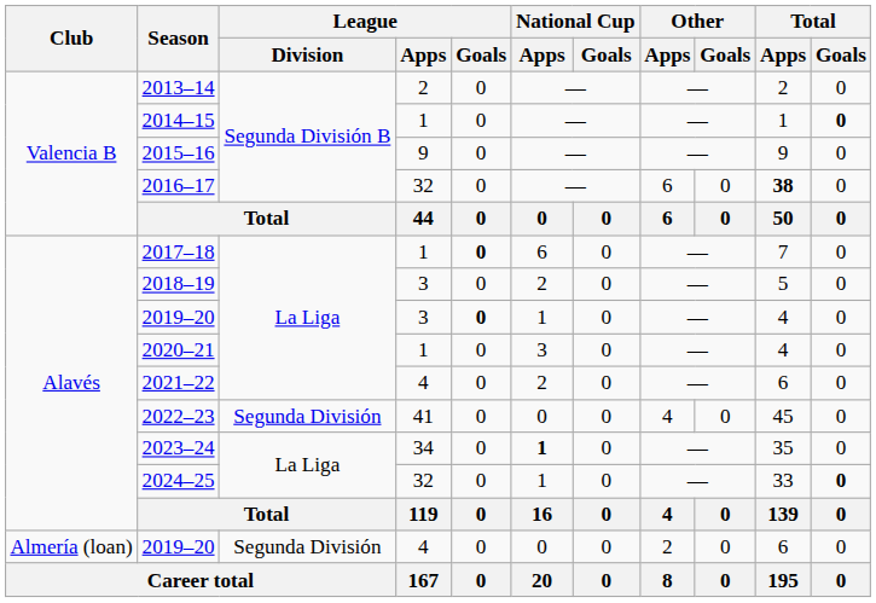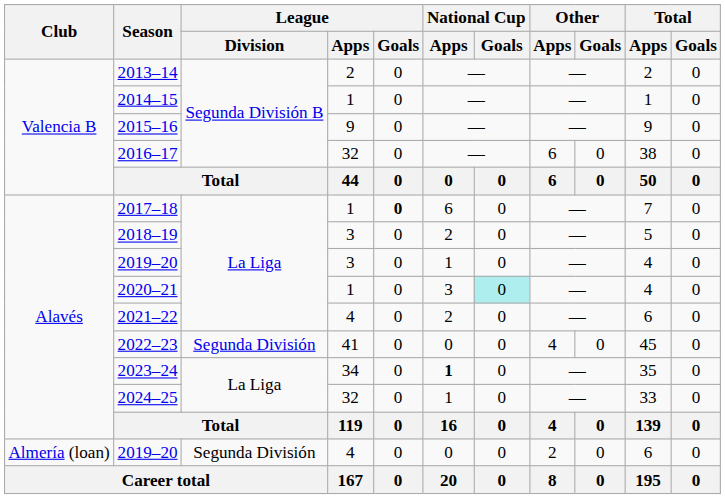 <table class="wikitable" style="text-align:center">
 <tr>
 <th rowspan="2">Club</th>
 <th rowspan="2">Season</th>
 <th colspan="3">League</th>
 <th colspan="2">National Cup</th>
 <th colspan="2">Other</th>
 <th colspan="2">Total</th>
 </tr>
 <tr>
 <th>Division</th>
 <th>Apps</th>
 <th>Goals</th>
 <th>Apps</th>
 <th>Goals</th>
 <th>Apps</th>
 <th>Goals</th>
 <th>Apps</th>
 <th>Goals</th>
 </tr>
 <tr>
 <td rowspan="5"><a href='#'>Valencia B</a></td>
 <td><a href='#'>2013–14</a></td>
 <td rowspan="4"><a href='#'>Segunda División B</a></td>
 <td>2</td>
 <td>0</td>
 <td colspan="2">—</td>
 <td colspan="2">—</td>
 <td>2</td>
 <td>0</td>
 </tr>
 <tr>
 <td><a href='#'>2014–15</a></td>
 <td>1</td>
 <td>0</td>
 <td colspan="2">—</td>
 <td colspan="2">—</td>
 <td>1</td>
-<td><strong>0</strong></td>
+<td>0</td>
 </tr>
 <tr>
 <td><a href='#'>2015–16</a></td>
 <td>9</td>
 <td>0</td>
 <td colspan="2">—</td>
 <td colspan="2">—</td>
 <td>9</td>
 <td>0</td>
 </tr>
 <tr>
 <td><a href='#'>2016–17</a></td>
 <td>32</td>
 <td>0</td>
 <td colspan="2">—</td>
 <td>6</td>
 <td>0</td>
-<td><strong>38</strong></td>
+<td>38</td>
 <td>0</td>
 </tr>
 <tr>
 <th colspan="2">Total</th>
 <th>44</th>
 <th>0</th>
 <th>0</th>
 <th>0</th>
 <th>6</th>
 <th>0</th>
 <th>50</th>
 <th>0</th>
 </tr>
 <tr>
 <td rowspan="9"><a href='#'>Alavés</a></td>
 <td><a href='#'>2017–18</a></td>
 <td rowspan="5"><a href='#'>La Liga</a></td>
 <td>1</td>
 <td><strong>0</strong></td>
 <td>6</td>
 <td>0</td>
 <td colspan="2">—</td>
 <td>7</td>
 <td>0</td>
 </tr>
 <tr>
 <td><a href='#'>2018–19</a></td>
 <td>3</td>
 <td>0</td>
 <td>2</td>
 <td>0</td>
 <td colspan="2">—</td>
 <td>5</td>
 <td>0</td>
 </tr>
 <tr>
 <td><a href='#'>2019–20</a></td>
 <td>3</td>
-<td><strong>0</strong></td>
+<td>0</td>
 <td>1</td>
 <td>0</td>
 <td colspan="2">—</td>
 <td>4</td>
 <td>0</td>
 </tr>
 <tr>
 <td><a href='#'>2020–21</a></td>
 <td>1</td>
 <td>0</td>
 <td>3</td>
-<td>0</td>
+<td style="background: paleturquoise;">0</td>
 <td colspan="2">—</td>
 <td>4</td>
 <td>0</td>
 </tr>
 <tr>
 <td><a href='#'>2021–22</a></td>
 <td>4</td>
 <td>0</td>
 <td>2</td>
 <td>0</td>
 <td colspan="2">—</td>
 <td>6</td>
 <td>0</td>
 </tr>
 <tr>
 <td><a href='#'>2022–23</a></td>
 <td><a href='#'>Segunda División</a></td>
 <td>41</td>
 <td>0</td>
 <td>0</td>
 <td>0</td>
 <td>4</td>
 <td>0</td>
 <td>45</td>
 <td>0</td>
 </tr>
 <tr>
 <td><a href='#'>2023–24</a></td>
 <td rowspan="2">La Liga</td>
 <td>34</td>
 <td>0</td>
 <td><strong>1</strong></td>
 <td>0</td>
 <td colspan="2">—</td>
 <td>35</td>
 <td>0</td>
 </tr>
 <tr>
 <td><a href='#'>2024–25</a></td>
 <td>32</td>
 <td>0</td>
 <td>1</td>
 <td>0</td>
 <td colspan="2">—</td>
 <td>33</td>
-<td><strong>0</strong></td>
+<td>0</td>
 </tr>
 <tr>
 <th colspan="2">Total</th>
 <th>119</th>
 <th>0</th>
 <th>16</th>
 <th>0</th>
 <th>4</th>
 <th>0</th>
 <th>139</th>
 <th>0</th>
 </tr>
 <tr>
 <td><a href='#'>Almería</a> (loan)</td>
 <td><a href='#'>2019–20</a></td>
 <td>Segunda División</td>
 <td>4</td>
 <td>0</td>
 <td>0</td>
 <td>0</td>
 <td>2</td>
 <td>0</td>
 <td>6</td>
 <td>0</td>
 </tr>
 <tr>
 <th colspan="3">Career total</th>
 <th>167</th>
 <th>0</th>
 <th>20</th>
 <th>0</th>
 <th>8</th>
 <th>0</th>
 <th>195</th>
 <th>0</th>
 </tr>
 </table>
